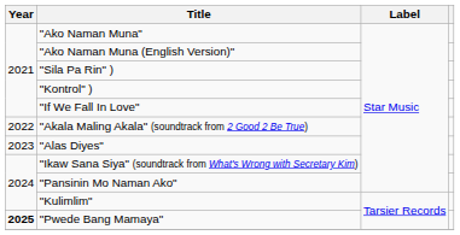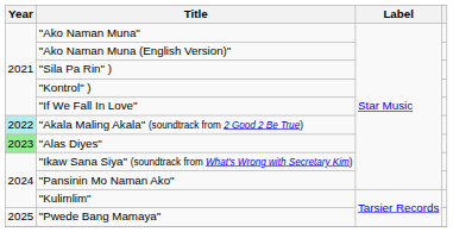 <table class="wikitable">
 <tr>
 <th>Year</th>
 <th>Title</th>
 <th>Label</th>
 <th></th>
 </tr>
 <tr>
 <td rowspan="5">2021</td>
 <td>"Ako Naman Muna"</td>
 <td rowspan="9"><a href='#'>Star Music</a></td>
 <td></td>
 </tr>
 <tr>
 <td>"Ako Naman Muna (English Version)"</td>
 <td></td>
 </tr>
 <tr>
 <td>"Sila Pa Rin" )</td>
 <td></td>
 </tr>
 <tr>
 <td>"Kontrol" )</td>
 <td></td>
 </tr>
 <tr>
 <td>"If We Fall In Love" </td>
 <td></td>
 </tr>
 <tr>
-<td>2022</td>
+<td style="background: paleturquoise;">2022</td>
 <td>"Akala Maling Akala" <small>(soundtrack from <em><a href='#'>2 Good 2 Be True</a></em>)</small></td>
 <td></td>
 </tr>
 <tr>
-<td>2023</td>
+<td style="background: lightgreen;">2023</td>
 <td>"Alas Diyes"</td>
 <td></td>
 </tr>
 <tr>
 <td rowspan="3">2024</td>
 <td>"Ikaw Sana Siya" <small>(soundtrack from <em><a href='#'>What's Wrong with Secretary Kim</a></em>)</small></td>
 <td></td>
 </tr>
 <tr>
 <td>"Pansinin Mo Naman Ako"</td>
 <td></td>
 </tr>
 <tr>
 <td>"Kulimlim"</td>
 <td rowspan="2"><a href='#'>Tarsier Records</a></td>
 <td></td>
 </tr>
 <tr>
-<td><strong>2025</strong></td>
+<td>2025</td>
 <td>"Pwede Bang Mamaya"</td>
 <td></td>
 </tr>
 <tr>
 </tr>
 </table>
